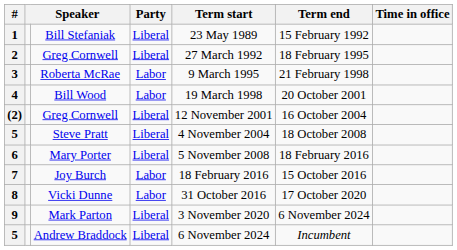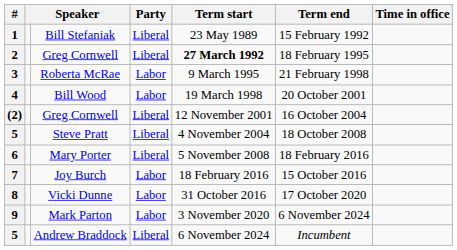 <table class="wikitable" style="text-align:center">
 <tr>
 <th class=unsortable>#</th>
 <th colspan=2>Speaker<br></th>
 <th>Party</th>
 <th>Term start</th>
 <th>Term end</th>
 <th>Time in office</th>
 </tr>
 <tr>
 <th style="background:">1</th>
 <td></td>
 <td><a href='#'>Bill Stefaniak</a> <br> </td>
 <td><a href='#'>Liberal</a></td>
 <td>23 May 1989</td>
 <td>15 February 1992</td>
 <td></td>
 </tr>
 <tr>
 <th style="background:">2</th>
 <td></td>
 <td><a href='#'>Greg Cornwell</a> <br> </td>
 <td><a href='#'>Liberal</a></td>
-<td>27 March 1992</td>
+<td><strong>27 March 1992</strong></td>
 <td>18 February 1995</td>
 <td></td>
 </tr>
 <tr>
 <th style="background:">3</th>
 <td></td>
 <td><a href='#'>Roberta McRae</a> <br> </td>
 <td><a href='#'>Labor</a></td>
 <td>9 March 1995</td>
 <td>21 February 1998</td>
 <td></td>
 </tr>
 <tr>
 <th style="background:">4</th>
 <td></td>
 <td><a href='#'>Bill Wood</a> <br> </td>
 <td><a href='#'>Labor</a></td>
 <td>19 March 1998</td>
 <td>20 October 2001</td>
 <td></td>
 </tr>
 <tr>
 <th style="background:">(2)</th>
 <td></td>
 <td><a href='#'>Greg Cornwell</a> <br> </td>
 <td><a href='#'>Liberal</a></td>
 <td>12 November 2001</td>
 <td>16 October 2004</td>
 <td></td>
 </tr>
 <tr>
 <th style="background:">5</th>
 <td></td>
 <td><a href='#'>Steve Pratt</a> <br> </td>
 <td><a href='#'>Liberal</a></td>
 <td>4 November 2004</td>
 <td>18 October 2008</td>
 <td></td>
 </tr>
 <tr>
 <th style="background:">6</th>
 <td></td>
 <td><a href='#'>Mary Porter</a> <br> </td>
 <td><a href='#'>Liberal</a></td>
 <td>5 November 2008</td>
 <td>18 February 2016</td>
 <td><strong></strong></td>
 </tr>
 <tr>
 <th style="background:">7</th>
 <td></td>
 <td><a href='#'>Joy Burch</a></td>
 <td><a href='#'>Labor</a></td>
 <td>18 February 2016</td>
 <td>15 October 2016</td>
 <td></td>
 </tr>
 <tr>
 <th style="background:">8</th>
 <td></td>
 <td><a href='#'>Vicki Dunne</a> <br> </td>
 <td><a href='#'>Labor</a></td>
 <td>31 October 2016</td>
 <td>17 October 2020</td>
 <td></td>
 </tr>
 <tr>
 <th style="background:">9</th>
 <td></td>
 <td><a href='#'>Mark Parton</a> <br> </td>
-<td><a href='#'>Liberal</a></td>
+<td><a href='#'>Labor</a></td>
 <td>3 November 2020</td>
 <td>6 November 2024</td>
 <td></td>
 </tr>
 <tr>
 <th style="background:">5</th>
 <td></td>
 <td><a href='#'>Andrew Braddock</a> <br> </td>
 <td><a href='#'>Liberal</a></td>
 <td>6 November 2024</td>
 <td><em>Incumbent</em></td>
 <td></td>
 </tr>
 </table>
